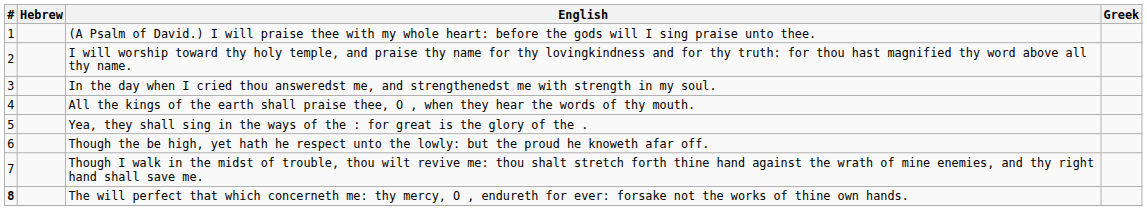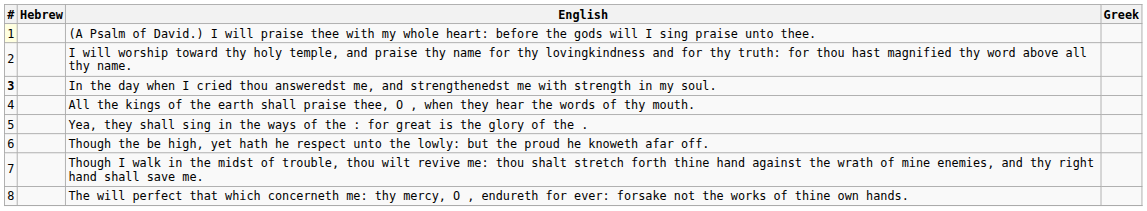 <table class=wikitable>
 <tr>
 <th>#</th>
 <th>Hebrew</th>
 <th>English</th>
 <th>Greek</th>
 </tr>
 <tr>
-<td style="text-align:right">1</td>
+<td style="background: lightyellow; text-align:right">1</td>
 <td style="text-align:right"></td>
 <td>(A Psalm of David.) I will praise thee with my whole heart: before the gods will I sing praise unto thee.</td>
 <td></td>
 </tr>
 <tr>
 <td style="text-align:right">2</td>
 <td style="text-align:right"></td>
 <td>I will worship toward thy holy temple, and praise thy name for thy lovingkindness and for thy truth: for thou hast magnified thy word above all thy name.</td>
 <td></td>
 </tr>
 <tr>
-<td style="text-align:right">3</td>
+<td style="text-align:right"><strong>3</strong></td>
 <td style="text-align:right"></td>
 <td>In the day when I cried thou answeredst me, and strengthenedst me with strength in my soul.</td>
 <td></td>
 </tr>
 <tr>
 <td style="text-align:right">4</td>
 <td style="text-align:right"></td>
 <td>All the kings of the earth shall praise thee, O , when they hear the words of thy mouth.</td>
 <td></td>
 </tr>
 <tr>
 <td style="text-align:right">5</td>
 <td style="text-align:right"></td>
 <td>Yea, they shall sing in the ways of the : for great is the glory of the .</td>
 <td></td>
 </tr>
 <tr>
 <td style="text-align:right">6</td>
 <td style="text-align:right"></td>
 <td>Though the  be high, yet hath he respect unto the lowly: but the proud he knoweth afar off.</td>
 <td></td>
 </tr>
 <tr>
 <td style="text-align:right">7</td>
 <td style="text-align:right"></td>
 <td>Though I walk in the midst of trouble, thou wilt revive me: thou shalt stretch forth thine hand against the wrath of mine enemies, and thy right hand shall save me.</td>
 <td></td>
 </tr>
 <tr>
-<td style="text-align:right"><strong>8</strong></td>
+<td style="text-align:right">8</td>
 <td style="text-align:right"></td>
 <td>The  will perfect that which concerneth me: thy mercy, O , endureth for ever: forsake not the works of thine own hands.</td>
 <td></td>
 </tr>
 <tr>
 </tr>
 </table>
